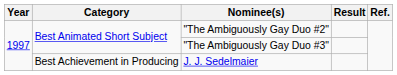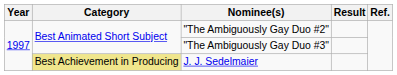 <table class="wikitable">
 <tr>
 <th>Year</th>
 <th>Category</th>
 <th>Nominee(s)</th>
 <th>Result</th>
 <th>Ref.</th>
 </tr>
 <tr>
 <td rowspan="3"><a href='#'>1997</a></td>
 <td rowspan="2"><a href='#'>Best Animated Short Subject</a></td>
 <td>"The Ambiguously Gay Duo #2"</td>
 <td></td>
 <td rowspan="3" align="center"></td>
 </tr>
 <tr>
 <td>"The Ambiguously Gay Duo #3"</td>
 <td></td>
 </tr>
 <tr>
-<td>Best Achievement in Producing</td>
+<td style="background: khaki;">Best Achievement in Producing</td>
 <td><a href='#'>J. J. Sedelmaier</a> <br> </td>
 <td></td>
 </tr>
 </table>
